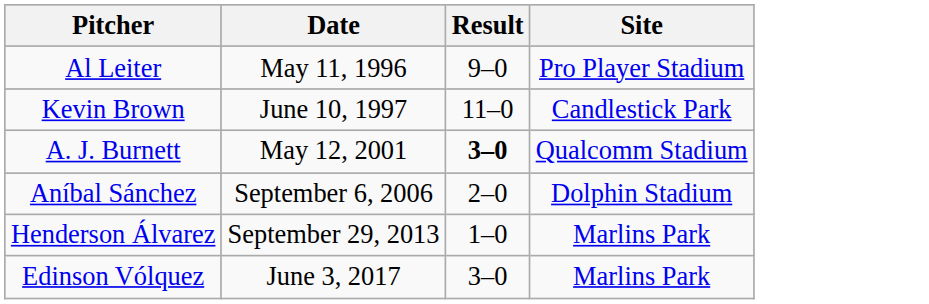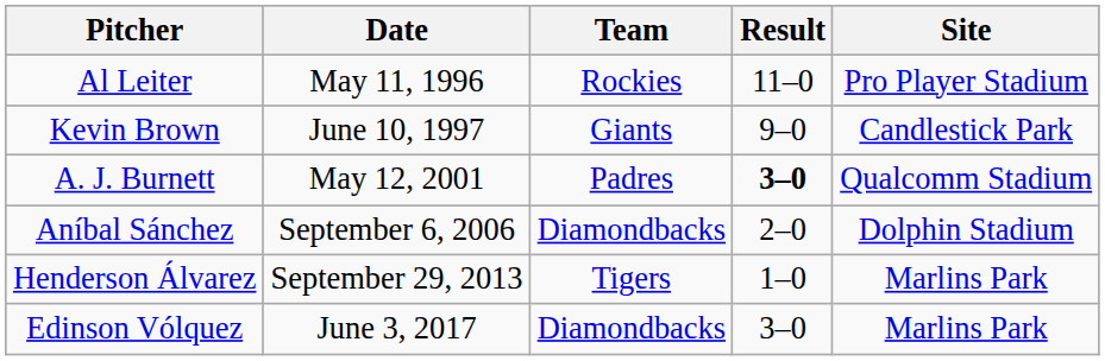 <table class="wikitable" style="text-align:center">
 <tr>
 <th style="text-align:center; ">Pitcher</th>
 <th style="text-align:center; ">Date</th>
+<th style="text-align:center; ">Team</th>
 <th style="text-align:center; ">Result</th>
 <th style="text-align:center; ">Site</th>
 </tr>
 <tr>
 <td><a href='#'>Al Leiter</a></td>
 <td>May 11, 1996</td>
-<td>9–0</td>
+<td><a href='#'>Rockies</a></td>
+<td>11–0</td>
 <td><a href='#'>Pro Player Stadium</a></td>
 </tr>
 <tr>
 <td><a href='#'>Kevin Brown</a></td>
 <td>June 10, 1997</td>
-<td>11–0</td>
+<td><a href='#'>Giants</a></td>
+<td>9–0</td>
 <td><a href='#'>Candlestick Park</a></td>
 </tr>
 <tr>
 <td><a href='#'>A. J. Burnett</a></td>
 <td>May 12, 2001</td>
+<td><a href='#'>Padres</a></td>
 <td><strong>3–0</strong></td>
 <td><a href='#'>Qualcomm Stadium</a></td>
 </tr>
 <tr>
 <td><a href='#'>Aníbal Sánchez</a></td>
 <td>September 6, 2006</td>
+<td><a href='#'>Diamondbacks</a></td>
 <td>2–0</td>
 <td><a href='#'>Dolphin Stadium</a></td>
 </tr>
 <tr>
 <td><a href='#'>Henderson Álvarez</a></td>
 <td>September 29, 2013</td>
+<td><a href='#'>Tigers</a></td>
 <td>1–0</td>
 <td><a href='#'>Marlins Park</a></td>
 </tr>
 <tr>
 <td><a href='#'>Edinson Vólquez</a></td>
 <td>June 3, 2017</td>
+<td><a href='#'>Diamondbacks</a></td>
 <td>3–0</td>
 <td><a href='#'>Marlins Park</a></td>
 </tr>
 </table>
